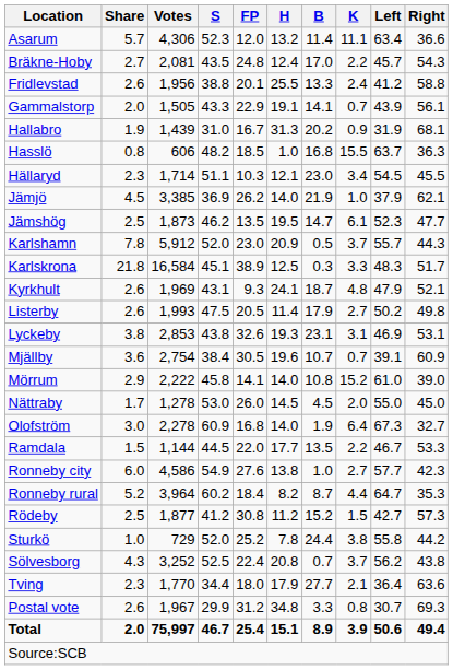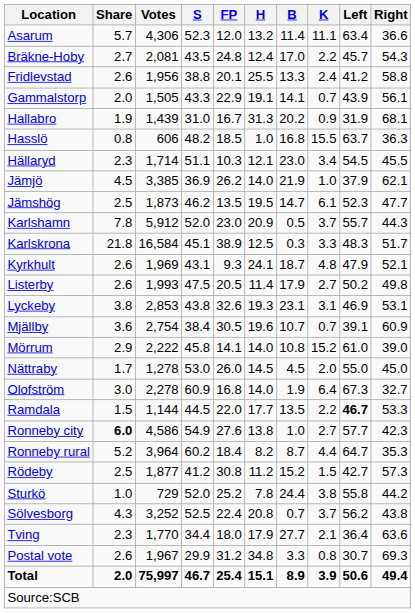 <table class="wikitable sortable" style=text-align:right>
 <tr>
 <th>Location</th>
 <th>Share</th>
 <th>Votes</th>
 <th><a href='#'>S</a></th>
 <th><a href='#'>FP</a></th>
 <th><a href='#'>H</a></th>
 <th><a href='#'>B</a></th>
 <th><a href='#'>K</a></th>
 <th>Left</th>
 <th>Right</th>
 </tr>
 <tr>
 <td align=left><a href='#'>Asarum</a></td>
 <td>5.7</td>
 <td>4,306</td>
 <td>52.3</td>
 <td>12.0</td>
 <td>13.2</td>
 <td>11.4</td>
 <td>11.1</td>
 <td>63.4</td>
 <td>36.6</td>
 </tr>
 <tr>
 <td align=left><a href='#'>Bräkne-Hoby</a></td>
 <td>2.7</td>
 <td>2,081</td>
 <td>43.5</td>
 <td>24.8</td>
 <td>12.4</td>
 <td>17.0</td>
 <td>2.2</td>
 <td>45.7</td>
 <td>54.3</td>
 </tr>
 <tr>
 <td align=left><a href='#'>Fridlevstad</a></td>
 <td>2.6</td>
 <td>1,956</td>
 <td>38.8</td>
 <td>20.1</td>
 <td>25.5</td>
 <td>13.3</td>
 <td>2.4</td>
 <td>41.2</td>
 <td>58.8</td>
 </tr>
 <tr>
 <td align=left><a href='#'>Gammalstorp</a></td>
 <td>2.0</td>
 <td>1,505</td>
 <td>43.3</td>
 <td>22.9</td>
 <td>19.1</td>
 <td>14.1</td>
 <td>0.7</td>
 <td>43.9</td>
 <td>56.1</td>
 </tr>
 <tr>
 <td align=left><a href='#'>Hallabro</a></td>
 <td>1.9</td>
 <td>1,439</td>
 <td>31.0</td>
 <td>16.7</td>
 <td>31.3</td>
 <td>20.2</td>
 <td>0.9</td>
 <td>31.9</td>
 <td>68.1</td>
 </tr>
 <tr>
 <td align=left><a href='#'>Hasslö</a></td>
 <td>0.8</td>
 <td>606</td>
 <td>48.2</td>
 <td>18.5</td>
 <td>1.0</td>
 <td>16.8</td>
 <td>15.5</td>
 <td>63.7</td>
 <td>36.3</td>
 </tr>
 <tr>
 <td align=left><a href='#'>Hällaryd</a></td>
 <td>2.3</td>
 <td>1,714</td>
 <td>51.1</td>
 <td>10.3</td>
 <td>12.1</td>
 <td>23.0</td>
 <td>3.4</td>
 <td>54.5</td>
 <td>45.5</td>
 </tr>
 <tr>
 <td align=left><a href='#'>Jämjö</a></td>
 <td>4.5</td>
 <td>3,385</td>
 <td>36.9</td>
 <td>26.2</td>
 <td>14.0</td>
 <td>21.9</td>
 <td>1.0</td>
 <td>37.9</td>
 <td>62.1</td>
 </tr>
 <tr>
 <td align=left><a href='#'>Jämshög</a></td>
 <td>2.5</td>
 <td>1,873</td>
 <td>46.2</td>
 <td>13.5</td>
 <td>19.5</td>
 <td>14.7</td>
 <td>6.1</td>
 <td>52.3</td>
 <td>47.7</td>
 </tr>
 <tr>
 <td align=left><a href='#'>Karlshamn</a></td>
 <td>7.8</td>
 <td>5,912</td>
 <td>52.0</td>
 <td>23.0</td>
 <td>20.9</td>
 <td>0.5</td>
 <td>3.7</td>
 <td>55.7</td>
 <td>44.3</td>
 </tr>
 <tr>
 <td align=left><a href='#'>Karlskrona</a></td>
 <td>21.8</td>
 <td>16,584</td>
 <td>45.1</td>
 <td>38.9</td>
 <td>12.5</td>
 <td>0.3</td>
 <td>3.3</td>
 <td>48.3</td>
 <td>51.7</td>
 </tr>
 <tr>
 <td align=left><a href='#'>Kyrkhult</a></td>
 <td>2.6</td>
 <td>1,969</td>
 <td>43.1</td>
 <td>9.3</td>
 <td>24.1</td>
 <td>18.7</td>
 <td>4.8</td>
 <td>47.9</td>
 <td>52.1</td>
 </tr>
 <tr>
 <td align=left><a href='#'>Listerby</a></td>
 <td>2.6</td>
 <td>1,993</td>
 <td>47.5</td>
 <td>20.5</td>
 <td>11.4</td>
 <td>17.9</td>
 <td>2.7</td>
 <td>50.2</td>
 <td>49.8</td>
 </tr>
 <tr>
 <td align=left><a href='#'>Lyckeby</a></td>
 <td>3.8</td>
 <td>2,853</td>
 <td>43.8</td>
 <td>32.6</td>
 <td>19.3</td>
 <td>23.1</td>
 <td>3.1</td>
 <td>46.9</td>
 <td>53.1</td>
 </tr>
 <tr>
 <td align=left><a href='#'>Mjällby</a></td>
 <td>3.6</td>
 <td>2,754</td>
 <td>38.4</td>
 <td>30.5</td>
 <td>19.6</td>
 <td>10.7</td>
 <td>0.7</td>
 <td>39.1</td>
 <td>60.9</td>
 </tr>
 <tr>
 <td align=left><a href='#'>Mörrum</a></td>
 <td>2.9</td>
 <td>2,222</td>
 <td>45.8</td>
 <td>14.1</td>
 <td>14.0</td>
 <td>10.8</td>
 <td>15.2</td>
 <td>61.0</td>
 <td>39.0</td>
 </tr>
 <tr>
 <td align=left><a href='#'>Nättraby</a></td>
 <td>1.7</td>
 <td>1,278</td>
 <td>53.0</td>
 <td>26.0</td>
 <td>14.5</td>
 <td>4.5</td>
 <td>2.0</td>
 <td>55.0</td>
 <td>45.0</td>
 </tr>
 <tr>
 <td align=left><a href='#'>Olofström</a></td>
 <td>3.0</td>
 <td>2,278</td>
 <td>60.9</td>
 <td>16.8</td>
 <td>14.0</td>
 <td>1.9</td>
 <td>6.4</td>
 <td>67.3</td>
 <td>32.7</td>
 </tr>
 <tr>
 <td align=left><a href='#'>Ramdala</a></td>
 <td>1.5</td>
 <td>1,144</td>
 <td>44.5</td>
 <td>22.0</td>
 <td>17.7</td>
 <td>13.5</td>
 <td>2.2</td>
-<td>46.7</td>
+<td><strong>46.7</strong></td>
 <td>53.3</td>
 </tr>
 <tr>
 <td align=left><a href='#'>Ronneby city</a></td>
-<td>6.0</td>
+<td><strong>6.0</strong></td>
 <td>4,586</td>
 <td>54.9</td>
 <td>27.6</td>
 <td>13.8</td>
 <td>1.0</td>
 <td>2.7</td>
 <td>57.7</td>
 <td>42.3</td>
 </tr>
 <tr>
 <td align=left><a href='#'>Ronneby rural</a></td>
 <td>5.2</td>
 <td>3,964</td>
 <td>60.2</td>
 <td>18.4</td>
 <td>8.2</td>
 <td>8.7</td>
 <td>4.4</td>
 <td>64.7</td>
 <td>35.3</td>
 </tr>
 <tr>
 <td align=left><a href='#'>Rödeby</a></td>
 <td>2.5</td>
 <td>1,877</td>
 <td>41.2</td>
 <td>30.8</td>
 <td>11.2</td>
 <td>15.2</td>
 <td>1.5</td>
 <td>42.7</td>
 <td>57.3</td>
 </tr>
 <tr>
 <td align=left><a href='#'>Sturkö</a></td>
 <td>1.0</td>
 <td>729</td>
 <td>52.0</td>
 <td>25.2</td>
 <td>7.8</td>
 <td>24.4</td>
 <td>3.8</td>
 <td>55.8</td>
 <td>44.2</td>
 </tr>
 <tr>
 <td align=left><a href='#'>Sölvesborg</a></td>
 <td>4.3</td>
 <td>3,252</td>
 <td>52.5</td>
 <td>22.4</td>
 <td>20.8</td>
 <td>0.7</td>
 <td>3.7</td>
 <td>56.2</td>
 <td>43.8</td>
 </tr>
 <tr>
 <td align=left><a href='#'>Tving</a></td>
 <td>2.3</td>
 <td>1,770</td>
 <td>34.4</td>
 <td>18.0</td>
 <td>17.9</td>
 <td>27.7</td>
 <td>2.1</td>
 <td>36.4</td>
 <td>63.6</td>
 </tr>
 <tr>
 <td align=left><a href='#'>Postal vote</a></td>
 <td>2.6</td>
 <td>1,967</td>
 <td>29.9</td>
 <td>31.2</td>
 <td>34.8</td>
 <td>3.3</td>
 <td>0.8</td>
 <td>30.7</td>
 <td>69.3</td>
 </tr>
 <tr>
 <td align=left><strong>Total</strong></td>
 <td><strong>2.0</strong></td>
 <td><strong>75,997</strong></td>
 <td><strong>46.7</strong></td>
 <td><strong>25.4</strong></td>
 <td><strong>15.1</strong></td>
 <td><strong>8.9</strong></td>
 <td><strong>3.9</strong></td>
 <td><strong>50.6</strong></td>
 <td><strong>49.4</strong></td>
 </tr>
 <tr>
 <td align=left colspan=10>Source:SCB </td>
 </tr>
 </table>
